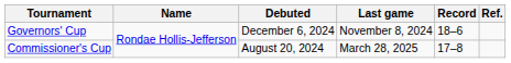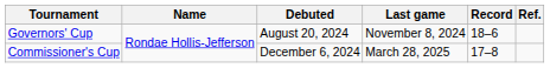 <table class="wikitable">
 <tr>
 <th>Tournament</th>
 <th>Name</th>
 <th>Debuted</th>
 <th>Last game</th>
 <th>Record</th>
 <th>Ref.</th>
 </tr>
 <tr>
 <td><a href='#'>Governors' Cup</a></td>
 <td rowspan=2><a href='#'>Rondae Hollis-Jefferson</a></td>
-<td>December 6, 2024 </td>
+<td>August 20, 2024 </td>
 <td>November 8, 2024 </td>
 <td>18–6</td>
 <td></td>
 </tr>
 <tr>
 <td><a href='#'>Commissioner's Cup</a></td>
-<td>August 20, 2024 </td>
+<td>December 6, 2024 </td>
 <td>March 28, 2025 </td>
 <td>17–8</td>
 <td></td>
 </tr>
 </table>
